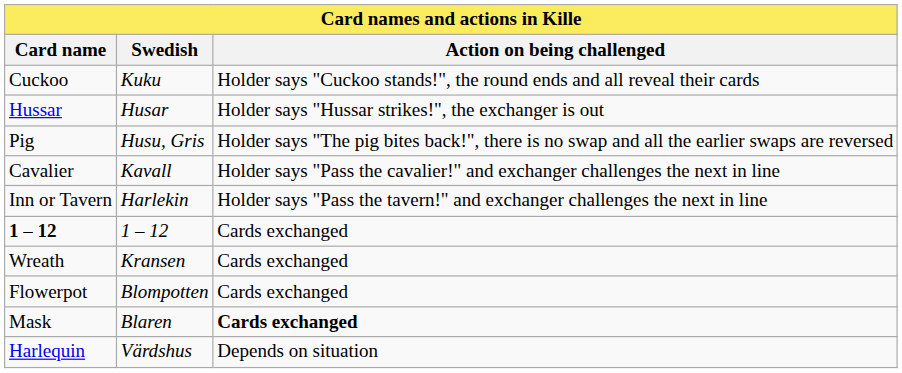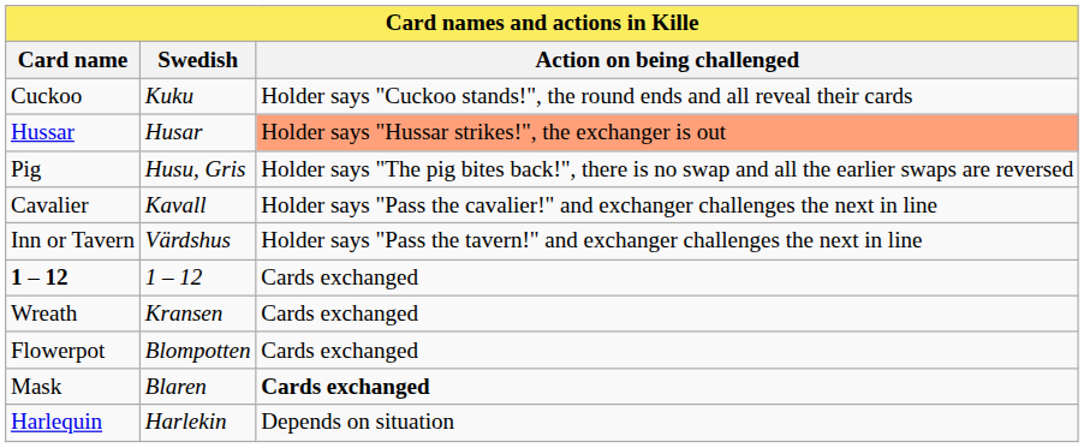 <table class="wikitable">
 <tr align="center">
 <td style="background: #FBEC5D;" colspan="3"><strong>Card names and actions in Kille</strong></td>
 </tr>
 <tr>
 <th>Card name</th>
 <th>Swedish</th>
 <th>Action on being challenged</th>
 </tr>
 <tr>
 <td>Cuckoo</td>
 <td><em>Kuku</em></td>
 <td>Holder says "Cuckoo stands!", the round ends and all reveal their cards</td>
 </tr>
 <tr>
 <td><a href='#'>Hussar</a></td>
 <td><em>Husar</em></td>
-<td>Holder says "Hussar strikes!", the exchanger is out</td>
+<td style="background: lightsalmon;">Holder says "Hussar strikes!", the exchanger is out</td>
 </tr>
 <tr>
 <td>Pig</td>
 <td><em>Husu, Gris</em></td>
 <td>Holder says "The pig bites back!", there is no swap and all the earlier swaps are reversed</td>
 </tr>
 <tr>
 <td>Cavalier</td>
 <td><em>Kavall</em></td>
 <td>Holder says "Pass the cavalier!" and exchanger challenges the next in line</td>
 </tr>
 <tr>
 <td>Inn or Tavern</td>
-<td><em>Harlekin</em></td>
+<td><em>Värdshus</em></td>
 <td>Holder says "Pass the tavern!" and exchanger challenges the next in line</td>
 </tr>
 <tr>
 <td><strong>1</strong> – <strong>12</strong></td>
 <td><em>1 – 12</em></td>
 <td>Cards exchanged</td>
 </tr>
 <tr>
 <td>Wreath</td>
 <td><em>Kransen</em></td>
 <td>Cards exchanged</td>
 </tr>
 <tr>
 <td>Flowerpot</td>
 <td><em>Blompotten</em></td>
 <td>Cards exchanged</td>
 </tr>
 <tr>
 <td>Mask</td>
 <td><em>Blaren</em></td>
 <td><strong>Cards exchanged</strong></td>
 </tr>
 <tr>
 <td><a href='#'>Harlequin</a></td>
-<td><em>Värdshus</em></td>
+<td><em>Harlekin</em></td>
 <td>Depends on situation</td>
 </tr>
 </table>
